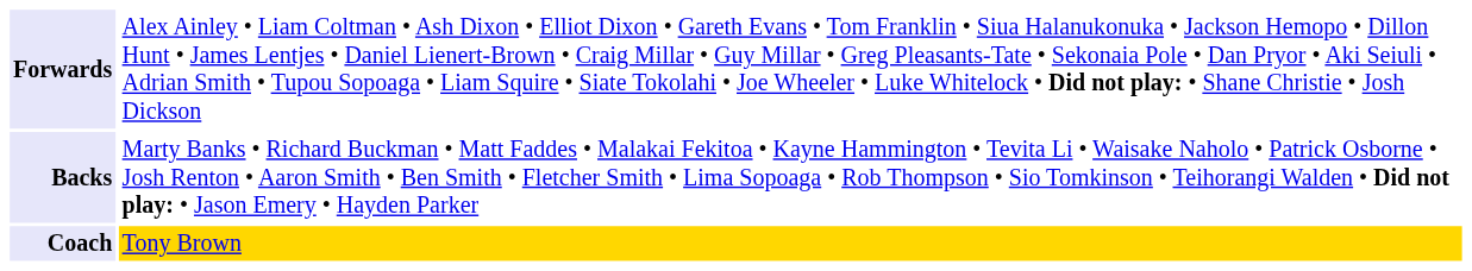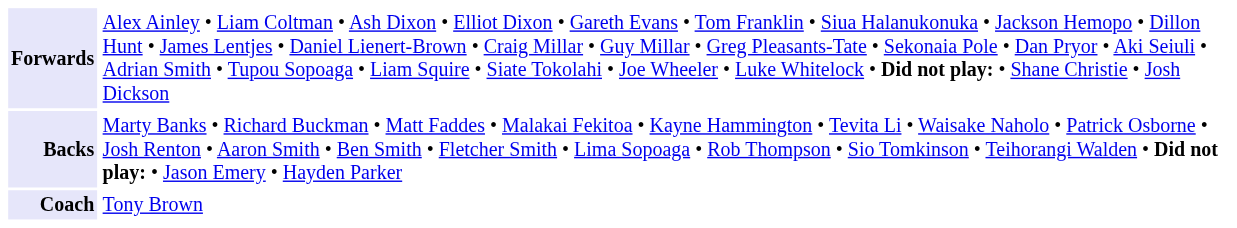 <table cellpadding="2" style="border: 1px solid white; font-size:90%;">
 <tr>
 <td style="text-align:right;" bgcolor="lavender"><strong>Forwards</strong></td>
 <td style="text-align:left;"><a href='#'>Alex Ainley</a> • <a href='#'>Liam Coltman</a> • <a href='#'>Ash Dixon</a> • <a href='#'>Elliot Dixon</a> • <a href='#'>Gareth Evans</a> • <a href='#'>Tom Franklin</a> • <a href='#'>Siua Halanukonuka</a> • <a href='#'>Jackson Hemopo</a> • <a href='#'>Dillon Hunt</a> • <a href='#'>James Lentjes</a> • <a href='#'>Daniel Lienert-Brown</a> • <a href='#'>Craig Millar</a> • <a href='#'>Guy Millar</a> • <a href='#'>Greg Pleasants-Tate</a> • <a href='#'>Sekonaia Pole</a> • <a href='#'>Dan Pryor</a> • <a href='#'>Aki Seiuli</a> • <a href='#'>Adrian Smith</a> • <a href='#'>Tupou Sopoaga</a> • <a href='#'>Liam Squire</a> • <a href='#'>Siate Tokolahi</a> • <a href='#'>Joe Wheeler</a> • <a href='#'>Luke Whitelock</a> • <strong>Did not play:</strong> • <a href='#'>Shane Christie</a> • <a href='#'>Josh Dickson</a></td>
 </tr>
 <tr>
 <td style="text-align:right;" bgcolor="lavender"><strong>Backs</strong></td>
 <td style="text-align:left;"><a href='#'>Marty Banks</a> • <a href='#'>Richard Buckman</a> • <a href='#'>Matt Faddes</a> • <a href='#'>Malakai Fekitoa</a> • <a href='#'>Kayne Hammington</a> • <a href='#'>Tevita Li</a> • <a href='#'>Waisake Naholo</a> • <a href='#'>Patrick Osborne</a> • <a href='#'>Josh Renton</a> • <a href='#'>Aaron Smith</a> • <a href='#'>Ben Smith</a> • <a href='#'>Fletcher Smith</a> • <a href='#'>Lima Sopoaga</a> • <a href='#'>Rob Thompson</a> • <a href='#'>Sio Tomkinson</a> • <a href='#'>Teihorangi Walden</a> • <strong>Did not play:</strong> • <a href='#'>Jason Emery</a> • <a href='#'>Hayden Parker</a></td>
 </tr>
 <tr>
 <td style="text-align:right;" bgcolor="lavender"><strong>Coach</strong></td>
-<td style="background: gold; text-align:left;"><a href='#'>Tony Brown</a></td>
+<td style="text-align:left;"><a href='#'>Tony Brown</a></td>
 </tr>
 </table>
